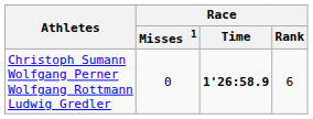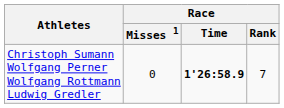 <table class="wikitable" border="1" style="font-size:90%">
 <tr>
 <th rowspan=2>Athletes</th>
 <th colspan=3>Race</th>
 </tr>
 <tr>
 <th>Misses <sup>1</sup></th>
 <th>Time</th>
 <th>Rank</th>
 </tr>
 <tr>
 <td><a href='#'>Christoph Sumann</a><br><a href='#'>Wolfgang Perner</a><br><a href='#'>Wolfgang Rottmann</a><br><a href='#'>Ludwig Gredler</a></td>
 <td align=center>0</td>
 <td align=center><strong>1'26:58.9</strong></td>
-<td align=center>6</td>
+<td align=center>7</td>
 </tr>
 </table>
